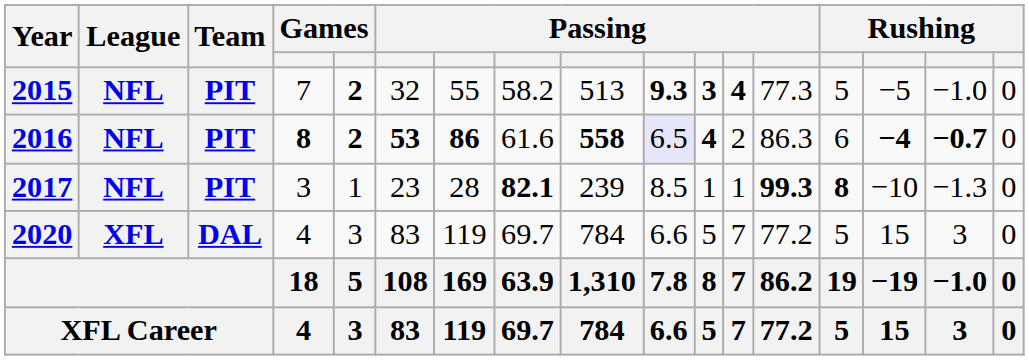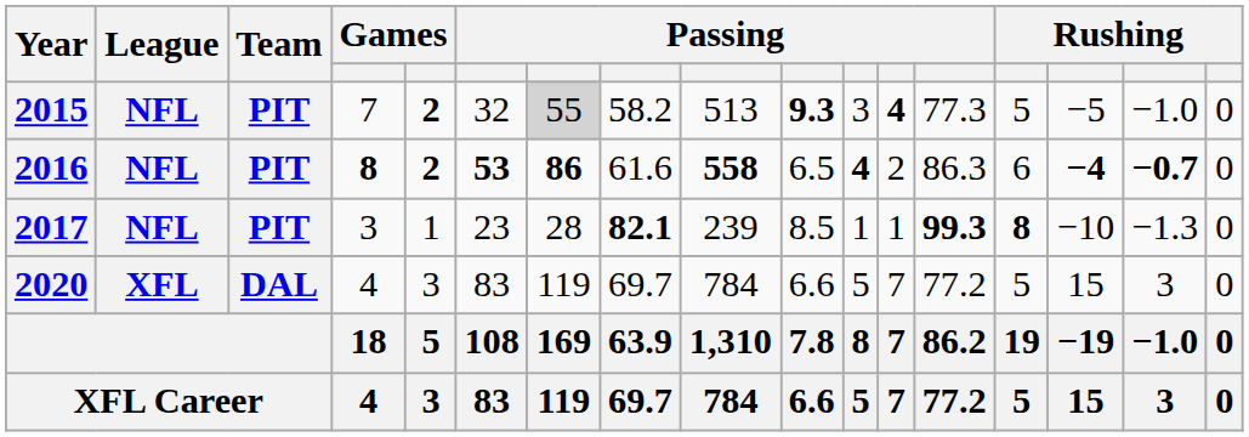 <table class="wikitable" style="text-align:center;">
 <tr>
 <th rowspan="2">Year</th>
 <th rowspan="2">League</th>
 <th rowspan="2">Team</th>
 <th colspan="2">Games</th>
 <th colspan="8">Passing</th>
 <th colspan="4">Rushing</th>
 </tr>
 <tr>
 <th></th>
 <th></th>
 <th></th>
 <th></th>
 <th></th>
 <th></th>
 <th></th>
 <th></th>
 <th></th>
 <th></th>
 <th></th>
 <th></th>
 <th></th>
 <th></th>
 </tr>
 <tr>
 <th><a href='#'>2015</a></th>
 <th><a href='#'>NFL</a></th>
 <th><a href='#'>PIT</a></th>
 <td>7</td>
 <td><strong>2</strong></td>
 <td>32</td>
-<td>55</td>
+<td style="background: lightgrey;">55</td>
 <td>58.2</td>
 <td>513</td>
 <td><strong>9.3</strong></td>
-<td><strong>3</strong></td>
+<td>3</td>
 <td><strong>4</strong></td>
 <td>77.3</td>
 <td>5</td>
 <td>−5</td>
 <td>−1.0</td>
 <td>0</td>
 </tr>
 <tr>
 <th><a href='#'>2016</a></th>
 <th><a href='#'>NFL</a></th>
 <th><a href='#'>PIT</a></th>
 <td><strong>8</strong></td>
 <td><strong>2</strong></td>
 <td><strong>53</strong></td>
 <td><strong>86</strong></td>
 <td>61.6</td>
 <td><strong>558</strong></td>
-<td style="background: lavender;">6.5</td>
+<td>6.5</td>
 <td><strong>4</strong></td>
 <td>2</td>
 <td>86.3</td>
 <td>6</td>
 <td><strong>−4</strong></td>
 <td><strong>−0.7</strong></td>
 <td>0</td>
 </tr>
 <tr>
 <th><a href='#'>2017</a></th>
 <th><a href='#'>NFL</a></th>
 <th><a href='#'>PIT</a></th>
 <td>3</td>
 <td>1</td>
 <td>23</td>
 <td>28</td>
 <td><strong>82.1</strong></td>
 <td>239</td>
 <td>8.5</td>
 <td>1</td>
 <td>1</td>
 <td><strong>99.3</strong></td>
 <td><strong>8</strong></td>
 <td>−10</td>
 <td>−1.3</td>
 <td>0</td>
 </tr>
 <tr>
 <th><a href='#'>2020</a></th>
 <th><a href='#'>XFL</a></th>
 <th><a href='#'>DAL</a></th>
 <td>4</td>
 <td>3</td>
 <td>83</td>
 <td>119</td>
 <td>69.7</td>
 <td>784</td>
 <td>6.6</td>
 <td>5</td>
 <td>7</td>
 <td>77.2</td>
 <td>5</td>
 <td>15</td>
 <td>3</td>
 <td>0</td>
 </tr>
 <tr>
 <th colspan="3"></th>
 <th>18</th>
 <th>5</th>
 <th>108</th>
 <th>169</th>
 <th>63.9</th>
 <th>1,310</th>
 <th>7.8</th>
 <th>8</th>
 <th>7</th>
 <th>86.2</th>
 <th>19</th>
 <th>−19</th>
 <th>−1.0</th>
 <th>0</th>
 </tr>
 <tr>
 <th colspan="3">XFL Career</th>
 <th>4</th>
 <th>3</th>
 <th>83</th>
 <th>119</th>
 <th>69.7</th>
 <th>784</th>
 <th>6.6</th>
 <th>5</th>
 <th>7</th>
 <th>77.2</th>
 <th>5</th>
 <th>15</th>
 <th>3</th>
 <th>0</th>
 </tr>
 </table>
